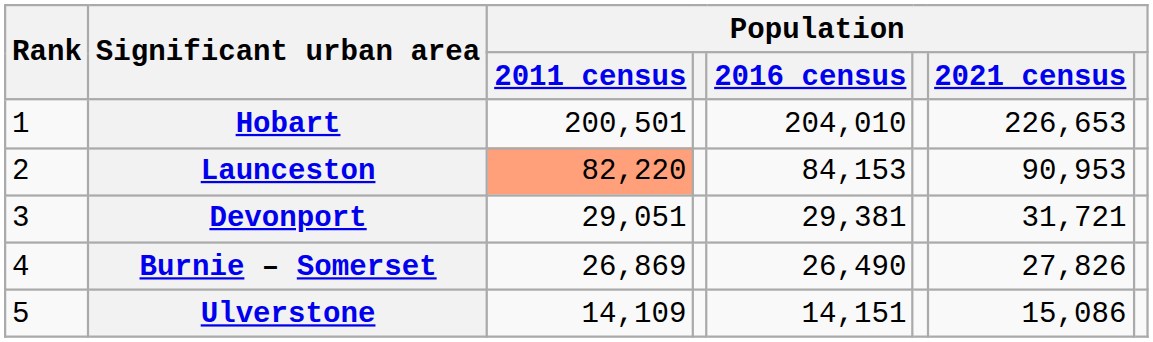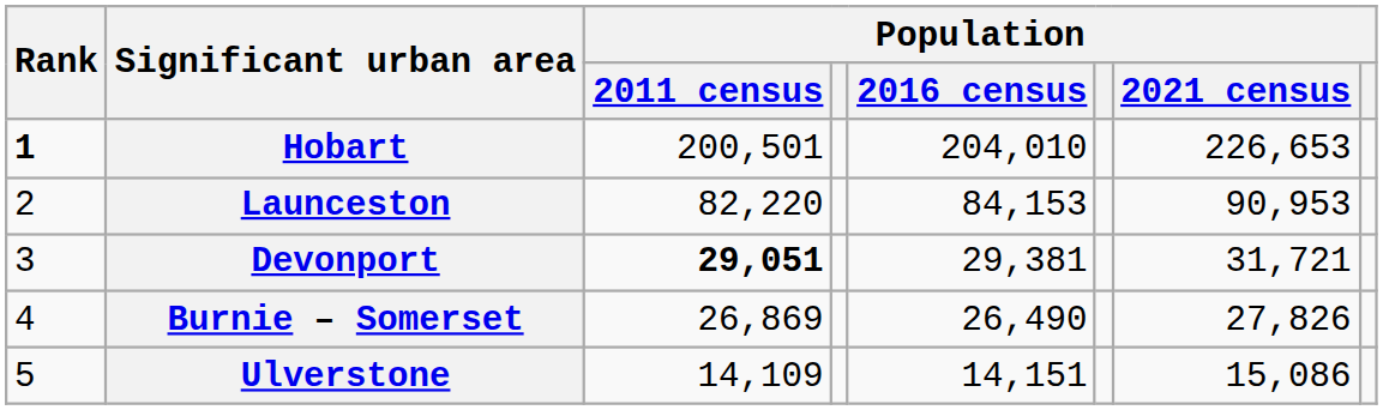 <table class="wikitable sortable plainrowheaders">
 <tr>
 <th scope=col rowspan="2">Rank</th>
 <th scope=col rowspan="2">Significant urban area</th>
 <th scope=colgroup colspan="6">Population</th>
 </tr>
 <tr>
 <th scope=col><a href='#'>2011 census</a></th>
 <th scope=col class="unsortable"></th>
 <th scope=col><a href='#'>2016 census</a></th>
 <th scope=col class="unsortable"></th>
 <th scope=col><a href='#'>2021 census</a></th>
 <th scope=col class="unsortable"></th>
 </tr>
 <tr>
-<td>1</td>
+<td><strong>1</strong></td>
 <th scope=row><a href='#'>Hobart</a></th>
 <td align=right>200,501</td>
 <td></td>
 <td align=right>204,010</td>
 <td></td>
 <td align=right>226,653</td>
 <td></td>
 </tr>
 <tr>
 <td>2</td>
 <th scope=row><a href='#'>Launceston</a></th>
-<td align=right style="background: lightsalmon;">82,220</td>
+<td align=right>82,220</td>
 <td></td>
 <td align=right>84,153</td>
 <td></td>
 <td align=right>90,953</td>
 <td></td>
 </tr>
 <tr>
 <td>3</td>
 <th scope=row><a href='#'>Devonport</a></th>
-<td align=right>29,051</td>
+<td align=right><strong>29,051</strong></td>
 <td></td>
 <td align=right>29,381</td>
 <td></td>
 <td align=right>31,721</td>
 <td></td>
 </tr>
 <tr>
 <td>4</td>
 <th scope=row><a href='#'>Burnie</a> – <a href='#'>Somerset</a></th>
 <td align=right>26,869</td>
 <td></td>
 <td align=right>26,490</td>
 <td></td>
 <td align=right>27,826</td>
 <td></td>
 </tr>
 <tr>
 <td>5</td>
 <th scope=row><a href='#'>Ulverstone</a></th>
 <td align=right>14,109</td>
 <td></td>
 <td align=right>14,151</td>
 <td></td>
 <td align=right>15,086</td>
 <td></td>
 </tr>
 </table>
